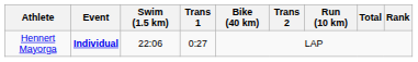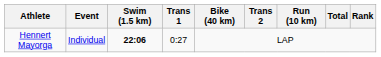 <table class="wikitable" style="font-size:90%">
 <tr>
 <th>Athlete</th>
 <th>Event</th>
 <th>Swim (1.5 km)</th>
 <th>Trans 1</th>
 <th>Bike (40 km)</th>
 <th>Trans 2</th>
 <th>Run (10 km)</th>
 <th>Total</th>
 <th>Rank</th>
 </tr>
 <tr align=center>
 <td><a href='#'>Hennert Mayorga</a></td>
-<td><strong><a href='#'>Individual</a></strong></td>
-<td>22:06</td>
+<td><a href='#'>Individual</a></td>
+<td><strong>22:06</strong></td>
 <td>0:27</td>
 <td colspan="5">LAP</td>
 </tr>
 </table>
